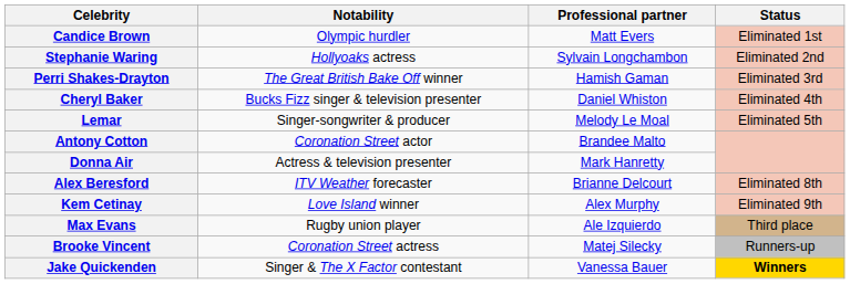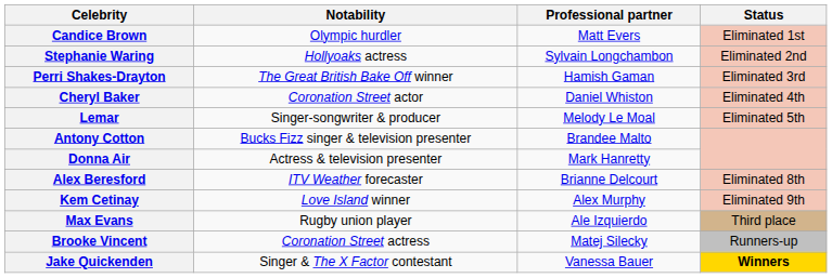 <table class="wikitable sortable" style="text-align:center; width:80%">
 <tr>
 <th scope="col">Celebrity</th>
 <th scope="col" class="unsortable">Notability</th>
 <th scope="col">Professional partner</th>
 <th scope="col">Status</th>
 </tr>
 <tr>
 <th scope="row"><a href='#'>Candice Brown</a></th>
 <td><a href='#'>Olympic hurdler</a></td>
 <td><a href='#'>Matt Evers</a></td>
 <td bgcolor="f4c7b8">Eliminated 1st</td>
 </tr>
 <tr>
 <th scope="row"><a href='#'>Stephanie Waring</a></th>
 <td><em><a href='#'>Hollyoaks</a></em> actress</td>
 <td><a href='#'>Sylvain Longchambon</a></td>
 <td bgcolor="f4c7b8">Eliminated 2nd</td>
 </tr>
 <tr>
 <th scope="row"><a href='#'>Perri Shakes-Drayton</a></th>
 <td><em><a href='#'>The Great British Bake Off</a></em> winner</td>
 <td><a href='#'>Hamish Gaman</a></td>
 <td bgcolor="f4c7b8">Eliminated 3rd</td>
 </tr>
 <tr>
 <th scope="row"><a href='#'>Cheryl Baker</a></th>
-<td><a href='#'>Bucks Fizz</a> singer & television presenter</td>
+<td><em><a href='#'>Coronation Street</a></em> actor</td>
 <td><a href='#'>Daniel Whiston</a></td>
 <td bgcolor="f4c7b8">Eliminated 4th</td>
 </tr>
 <tr>
 <th scope="row"><a href='#'>Lemar</a></th>
 <td>Singer-songwriter & producer</td>
 <td><a href='#'>Melody Le Moal</a></td>
 <td bgcolor="f4c7b8">Eliminated 5th</td>
 </tr>
 <tr>
 <th scope="row"><a href='#'>Antony Cotton</a></th>
-<td><em><a href='#'>Coronation Street</a></em> actor</td>
+<td><a href='#'>Bucks Fizz</a> singer & television presenter</td>
 <td><a href='#'>Brandee Malto</a></td>
 <td rowspan="2" bgcolor="f4c7b8"></td>
 </tr>
 <tr>
 <th scope="row"><a href='#'>Donna Air</a></th>
 <td>Actress & television presenter</td>
 <td><a href='#'>Mark Hanretty</a></td>
 </tr>
 <tr>
 <th scope="row"><a href='#'>Alex Beresford</a></th>
 <td><em><a href='#'>ITV Weather</a></em> forecaster</td>
 <td><a href='#'>Brianne Delcourt</a></td>
 <td bgcolor="f4c7b8">Eliminated 8th</td>
 </tr>
 <tr>
 <th scope="row"><a href='#'>Kem Cetinay</a></th>
 <td><em><a href='#'>Love Island</a></em> winner</td>
 <td><a href='#'>Alex Murphy</a></td>
 <td bgcolor="f4c7b8">Eliminated 9th</td>
 </tr>
 <tr>
 <th scope="row"><a href='#'>Max Evans</a></th>
 <td>Rugby union player</td>
 <td><a href='#'>Ale Izquierdo</a></td>
 <td bgcolor="tan">Third place</td>
 </tr>
 <tr>
 <th scope="row"><a href='#'>Brooke Vincent</a></th>
 <td><em><a href='#'>Coronation Street</a></em> actress</td>
 <td><a href='#'>Matej Silecky</a></td>
 <td bgcolor="silver">Runners-up</td>
 </tr>
 <tr>
 <th scope="row"><a href='#'>Jake Quickenden</a></th>
 <td>Singer & <em><a href='#'>The X Factor</a></em> contestant</td>
 <td><a href='#'>Vanessa Bauer</a></td>
 <td bgcolor="gold"><strong>Winners</strong></td>
 </tr>
 </table>
